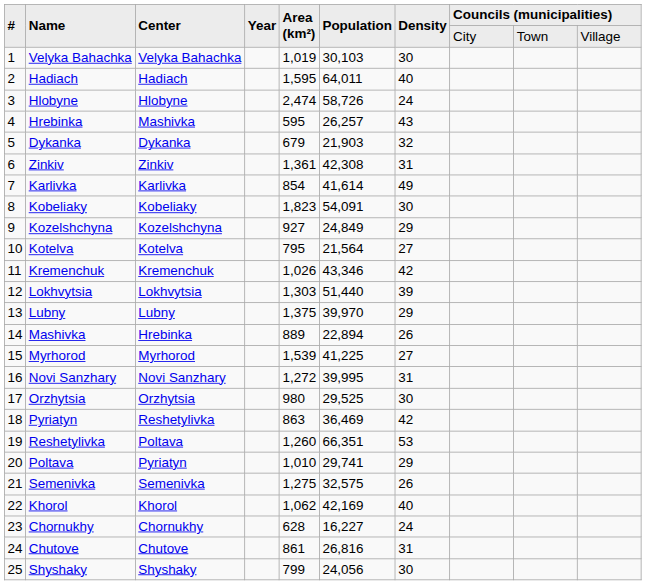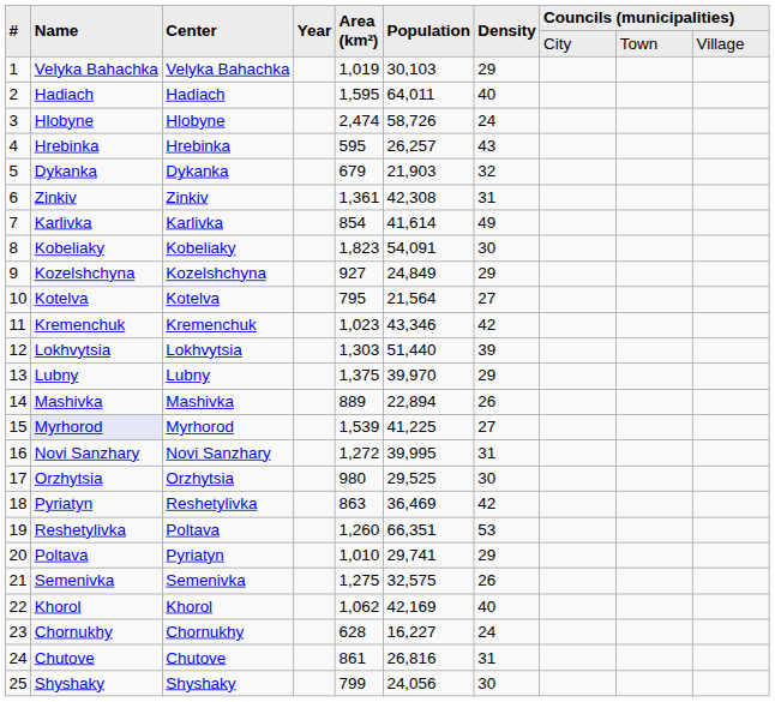 <table class="wikitable">
 <tr bgcolor="#ECECEC">
 <td rowspan=2><strong>#</strong></td>
 <td rowspan=2><strong>Name</strong></td>
 <td rowspan=2><strong>Center</strong></td>
 <td rowspan=2><strong>Year</strong></td>
 <td rowspan=2><strong>Area<br>(km²)</strong></td>
 <td rowspan=2><strong>Population</strong></td>
 <td rowspan=2><strong>Density</strong></td>
 <td colspan=3><strong>Councils (municipalities)</strong></td>
 </tr>
 <tr bgcolor="#ECECEC">
 <td width=10%>City</td>
 <td width=10%>Town</td>
 <td width=10%>Village</td>
 </tr>
 <tr>
 <td>1</td>
 <td><a href='#'>Velyka Bahachka</a></td>
 <td><a href='#'>Velyka Bahachka</a></td>
 <td></td>
 <td>1,019</td>
 <td>30,103</td>
-<td>30</td>
+<td>29</td>
 <td></td>
 <td></td>
 <td></td>
 </tr>
 <tr>
 <td>2</td>
 <td><a href='#'>Hadiach</a></td>
 <td><a href='#'>Hadiach</a></td>
 <td></td>
 <td>1,595</td>
 <td>64,011</td>
 <td>40</td>
 <td></td>
 <td></td>
 <td></td>
 </tr>
 <tr>
 <td>3</td>
 <td><a href='#'>Hlobyne</a></td>
 <td><a href='#'>Hlobyne</a></td>
 <td></td>
 <td>2,474</td>
 <td>58,726</td>
 <td>24</td>
 <td></td>
 <td></td>
 <td></td>
 </tr>
 <tr>
 <td>4</td>
 <td><a href='#'>Hrebinka</a></td>
-<td><a href='#'>Mashivka</a></td>
+<td><a href='#'>Hrebinka</a></td>
 <td></td>
 <td>595</td>
 <td>26,257</td>
 <td>43</td>
 <td></td>
 <td></td>
 <td></td>
 </tr>
 <tr>
 <td>5</td>
 <td><a href='#'>Dykanka</a></td>
 <td><a href='#'>Dykanka</a></td>
 <td></td>
 <td>679</td>
 <td>21,903</td>
 <td>32</td>
 <td></td>
 <td></td>
 <td></td>
 </tr>
 <tr>
 <td>6</td>
 <td><a href='#'>Zinkiv</a></td>
 <td><a href='#'>Zinkiv</a></td>
 <td></td>
 <td>1,361</td>
 <td>42,308</td>
 <td>31</td>
 <td></td>
 <td></td>
 <td></td>
 </tr>
 <tr>
 <td>7</td>
 <td><a href='#'>Karlivka</a></td>
 <td><a href='#'>Karlivka</a></td>
 <td></td>
 <td>854</td>
 <td>41,614</td>
 <td>49</td>
 <td></td>
 <td></td>
 <td></td>
 </tr>
 <tr>
 <td>8</td>
 <td><a href='#'>Kobeliaky</a></td>
 <td><a href='#'>Kobeliaky</a></td>
 <td></td>
 <td>1,823</td>
 <td>54,091</td>
 <td>30</td>
 <td></td>
 <td></td>
 <td></td>
 </tr>
 <tr>
 <td>9</td>
 <td><a href='#'>Kozelshchyna</a></td>
 <td><a href='#'>Kozelshchyna</a></td>
 <td></td>
 <td>927</td>
 <td>24,849</td>
 <td>29</td>
 <td></td>
 <td></td>
 <td></td>
 </tr>
 <tr>
 <td>10</td>
 <td><a href='#'>Kotelva</a></td>
 <td><a href='#'>Kotelva</a></td>
 <td></td>
 <td>795</td>
 <td>21,564</td>
 <td>27</td>
 <td></td>
 <td></td>
 <td></td>
 </tr>
 <tr>
 <td>11</td>
 <td><a href='#'>Kremenchuk</a></td>
 <td><a href='#'>Kremenchuk</a></td>
 <td></td>
-<td>1,026</td>
+<td>1,023</td>
 <td>43,346</td>
 <td>42</td>
 <td></td>
 <td></td>
 <td></td>
 </tr>
 <tr>
 <td>12</td>
 <td><a href='#'>Lokhvytsia</a></td>
 <td><a href='#'>Lokhvytsia</a></td>
 <td></td>
 <td>1,303</td>
 <td>51,440</td>
 <td>39</td>
 <td></td>
 <td></td>
 <td></td>
 </tr>
 <tr>
 <td>13</td>
 <td><a href='#'>Lubny</a></td>
 <td><a href='#'>Lubny</a></td>
 <td></td>
 <td>1,375</td>
 <td>39,970</td>
 <td>29</td>
 <td></td>
 <td></td>
 <td></td>
 </tr>
 <tr>
 <td>14</td>
 <td><a href='#'>Mashivka</a></td>
-<td><a href='#'>Hrebinka</a></td>
+<td><a href='#'>Mashivka</a></td>
 <td></td>
 <td>889</td>
 <td>22,894</td>
 <td>26</td>
 <td></td>
 <td></td>
 <td></td>
 </tr>
 <tr>
 <td>15</td>
-<td><a href='#'>Myrhorod</a></td>
+<td style="background: lavender;"><a href='#'>Myrhorod</a></td>
 <td><a href='#'>Myrhorod</a></td>
 <td></td>
 <td>1,539</td>
 <td>41,225</td>
 <td>27</td>
 <td></td>
 <td></td>
 <td></td>
 </tr>
 <tr>
 <td>16</td>
 <td><a href='#'>Novi Sanzhary</a></td>
 <td><a href='#'>Novi Sanzhary</a></td>
 <td></td>
 <td>1,272</td>
 <td>39,995</td>
 <td>31</td>
 <td></td>
 <td></td>
 <td></td>
 </tr>
 <tr>
 <td>17</td>
 <td><a href='#'>Orzhytsia</a></td>
 <td><a href='#'>Orzhytsia</a></td>
 <td></td>
 <td>980</td>
 <td>29,525</td>
 <td>30</td>
 <td></td>
 <td></td>
 <td></td>
 </tr>
 <tr>
 <td>18</td>
 <td><a href='#'>Pyriatyn</a></td>
 <td><a href='#'>Reshetylivka</a></td>
 <td></td>
 <td>863</td>
 <td>36,469</td>
 <td>42</td>
 <td></td>
 <td></td>
 <td></td>
 </tr>
 <tr>
 <td>19</td>
 <td><a href='#'>Reshetylivka</a></td>
 <td><a href='#'>Poltava</a></td>
 <td></td>
 <td>1,260</td>
 <td>66,351</td>
 <td>53</td>
 <td></td>
 <td></td>
 <td></td>
 </tr>
 <tr>
 <td>20</td>
 <td><a href='#'>Poltava</a></td>
 <td><a href='#'>Pyriatyn</a></td>
 <td></td>
 <td>1,010</td>
 <td>29,741</td>
 <td>29</td>
 <td></td>
 <td></td>
 <td></td>
 </tr>
 <tr>
 <td>21</td>
 <td><a href='#'>Semenivka</a></td>
 <td><a href='#'>Semenivka</a></td>
 <td></td>
 <td>1,275</td>
 <td>32,575</td>
 <td>26</td>
 <td></td>
 <td></td>
 <td></td>
 </tr>
 <tr>
 <td>22</td>
 <td><a href='#'>Khorol</a></td>
 <td><a href='#'>Khorol</a></td>
 <td></td>
 <td>1,062</td>
 <td>42,169</td>
 <td>40</td>
 <td></td>
 <td></td>
 <td></td>
 </tr>
 <tr>
 <td>23</td>
 <td><a href='#'>Chornukhy</a></td>
 <td><a href='#'>Chornukhy</a></td>
 <td></td>
 <td>628</td>
 <td>16,227</td>
 <td>24</td>
 <td></td>
 <td></td>
 <td></td>
 </tr>
 <tr>
 <td>24</td>
 <td><a href='#'>Chutove</a></td>
 <td><a href='#'>Chutove</a></td>
 <td></td>
 <td>861</td>
 <td>26,816</td>
 <td>31</td>
 <td></td>
 <td></td>
 <td></td>
 </tr>
 <tr>
 <td>25</td>
 <td><a href='#'>Shyshaky</a></td>
 <td><a href='#'>Shyshaky</a></td>
 <td></td>
 <td>799</td>
 <td>24,056</td>
 <td>30</td>
 <td></td>
 <td></td>
 <td></td>
 </tr>
 </table>
